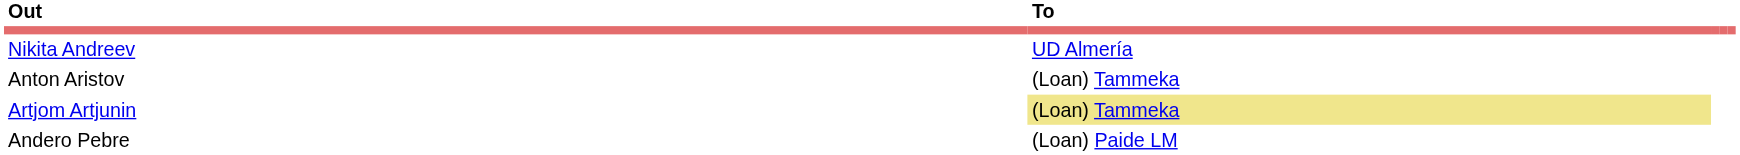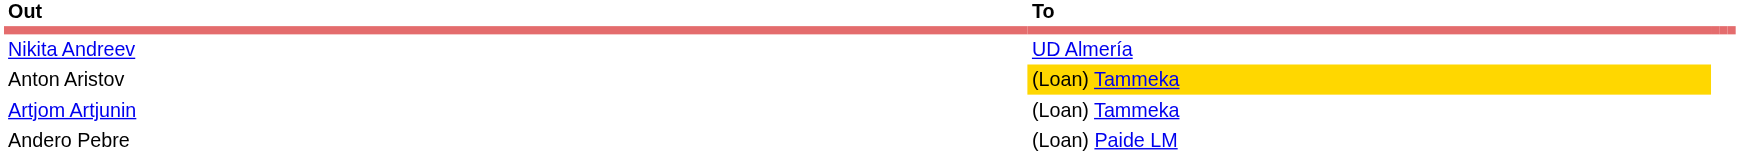 <table cellspacing="0" cellpadding="3" style="width:100%;font-size:90%">
 <tr>
 <td style="width:60%"><strong>Out</strong></td>
 <td style="width:40%"><strong>To</strong></td>
 <td></td>
 </tr>
 <tr style="background-color:#E46C6D;">
 <td></td>
 <td></td>
 <td></td>
 <td></td>
 <td></td>
 </tr>
 <tr>
 <td> <a href='#'>Nikita Andreev</a></td>
 <td> <a href='#'>UD Almería</a></td>
 </tr>
 <tr>
 <td> Anton Aristov</td>
-<td>(Loan) <a href='#'>Tammeka</a></td>
+<td style="background: gold;">(Loan) <a href='#'>Tammeka</a></td>
 </tr>
 <tr>
 <td> <a href='#'>Artjom Artjunin</a></td>
-<td style="background: khaki;">(Loan) <a href='#'>Tammeka</a></td>
+<td>(Loan) <a href='#'>Tammeka</a></td>
 </tr>
 <tr>
 <td> Andero Pebre</td>
 <td>(Loan) <a href='#'>Paide LM</a></td>
 </tr>
 </table>
